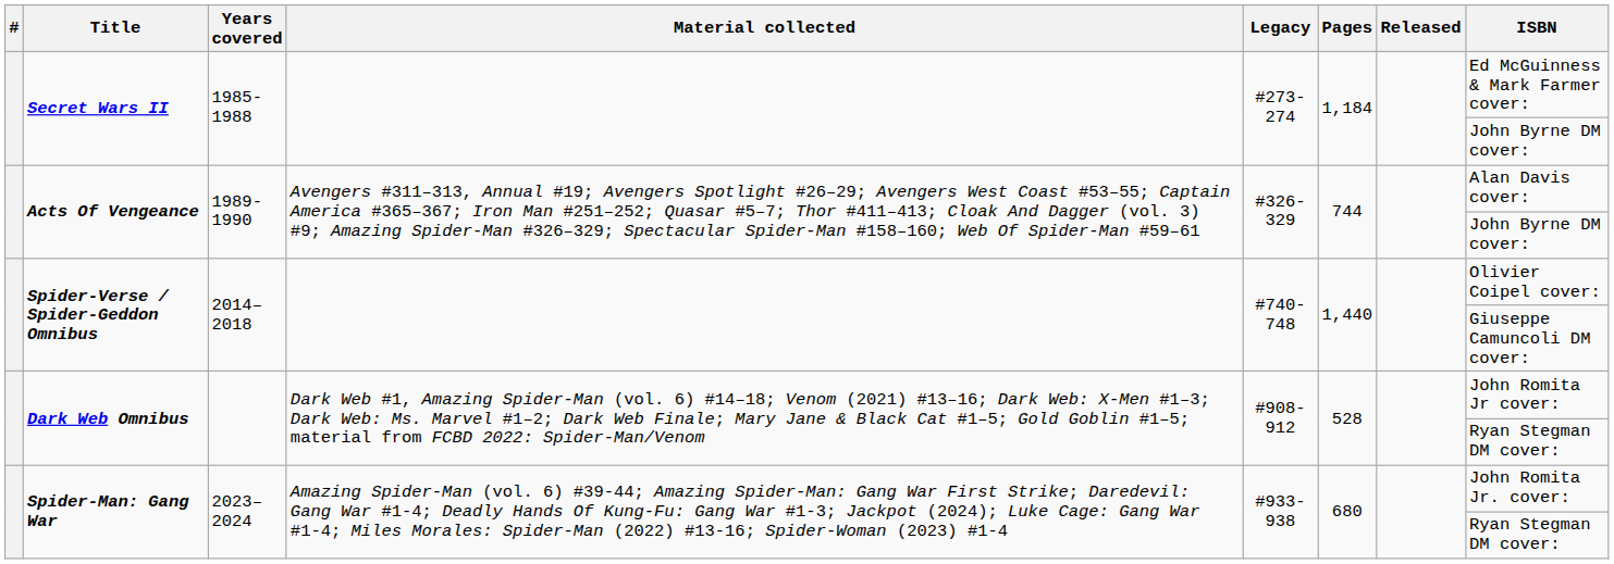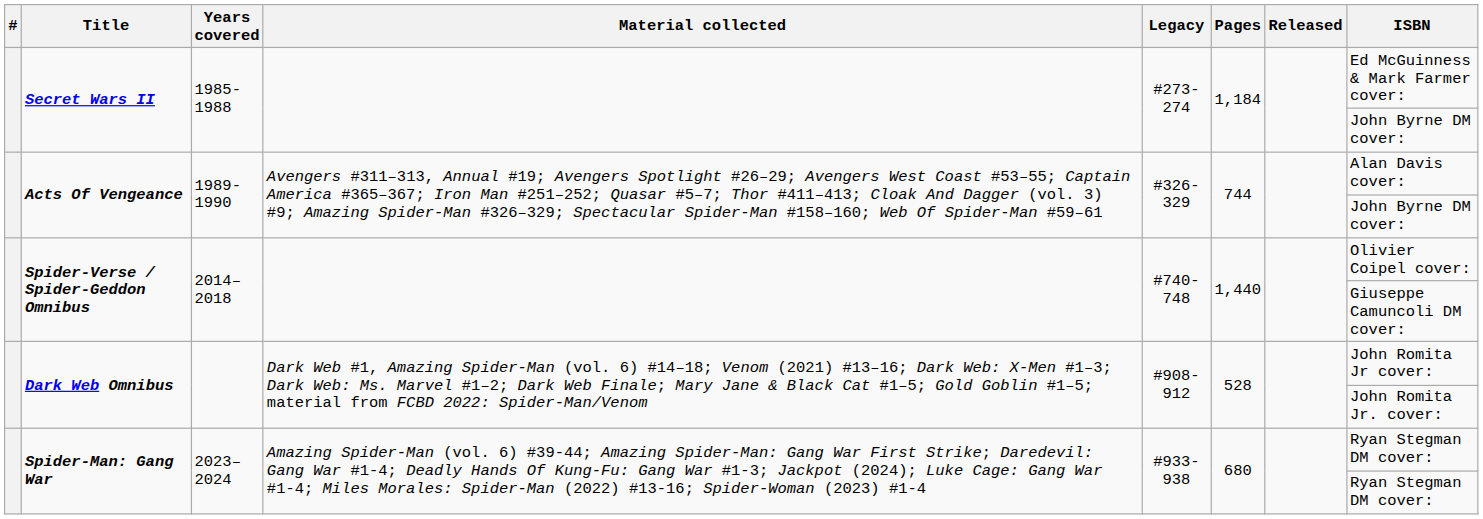 <table class="wikitable sortable" width=98%>
 <tr>
 <th width="4px">#</th>
 <th>Title</th>
 <th style="width: 4em;">Years covered</th>
 <th>Material collected</th>
 <th>Legacy</th>
 <th>Pages</th>
 <th>Released</th>
 <th class="unsortable" style="width: 8em;">ISBN</th>
 </tr>
 <tr>
 <th style="background-color: light grey;" rowspan=2></th>
 <td rowspan="2"><strong><em><a href='#'>Secret Wars II</a></em></strong></td>
 <td rowspan="2">1985-1988</td>
 <td rowspan="2"></td>
 <td rowspan=2 style="text-align: center;">#273-274</td>
 <td style="text-align: center;" rowspan="2">1,184</td>
 <td rowspan="2"></td>
 <td>Ed McGuinness & Mark Farmer cover: </td>
 </tr>
 <tr>
 <td>John Byrne DM cover: </td>
 </tr>
 <tr>
 <th rowspan="2" style="background-color: light grey;"></th>
 <td rowspan="2"><strong><em>Acts Of Vengeance</em></strong></td>
 <td rowspan="2">1989-1990</td>
 <td rowspan="2"><em>Avengers</em> #311–313, <em>Annual</em> #19; <em>Avengers Spotlight</em> #26–29; <em>Avengers West Coast</em> #53–55; <em>Captain America</em> #365–367; <em>Iron Man</em> #251–252; <em>Quasar</em> #5–7; <em>Thor</em> #411–413; <em>Cloak And Dagger</em> (vol. 3) #9; <em>Amazing Spider-Man</em> #326–329; <em>Spectacular Spider-Man</em> #158–160; <em>Web Of Spider-Man</em> #59–61</td>
 <td rowspan="2" style="text-align: center;">#326-329</td>
 <td rowspan="2" style="text-align: center;">744</td>
 <td rowspan="2"></td>
 <td>Alan Davis cover: </td>
 </tr>
 <tr>
 <td>John Byrne DM cover: </td>
 </tr>
 <tr>
 <th style="background-color: light grey;" rowspan="2"></th>
 <td rowspan="2"><strong><em>Spider-Verse / Spider-Geddon Omnibus</em></strong></td>
 <td rowspan="2">2014–2018</td>
 <td rowspan="2"></td>
 <td rowspan="2" style="text-align: center;">#740-748</td>
 <td rowspan="2" style="text-align: center;">1,440</td>
 <td rowspan="2"></td>
 <td>Olivier Coipel cover: </td>
 </tr>
 <tr>
 <td>Giuseppe Camuncoli DM cover: </td>
 </tr>
 <tr>
 <th style="background-color: light grey;" rowspan=2></th>
 <td rowspan="2"><strong><em><a href='#'>Dark Web</a> Omnibus</em></strong></td>
 <td rowspan="2"></td>
 <td rowspan="2"><em>Dark Web</em> #1, <em>Amazing Spider-Man</em> (vol. 6) #14–18; <em>Venom</em> (2021) #13–16; <em>Dark Web: X-Men</em> #1–3; <em>Dark Web: Ms. Marvel</em> #1–2; <em>Dark Web Finale</em>; <em>Mary Jane & Black Cat</em> #1–5; <em>Gold Goblin</em> #1–5; material from <em>FCBD 2022: Spider-Man/Venom</em></td>
 <td rowspan="2" style="text-align: center;">#908-912</td>
 <td rowspan="2" style="text-align: center;">528</td>
 <td rowspan="2"></td>
 <td>John Romita Jr cover: </td>
 </tr>
 <tr>
-<td>Ryan Stegman DM cover: </td>
+<td>John Romita Jr. cover: </td>
 </tr>
 <tr>
 <th rowspan="2" style="background-color: light grey;"></th>
 <td rowspan="2"><strong><em>Spider-Man: Gang War</em></strong></td>
 <td rowspan="2">2023–2024</td>
 <td rowspan="2"><em>Amazing Spider-Man</em> (vol. 6) #39-44; <em>Amazing Spider-Man: Gang War First Strike</em>; <em>Daredevil: Gang War</em> #1-4; <em>Deadly Hands Of Kung-Fu: Gang War</em> #1-3; <em>Jackpot</em> (2024); <em>Luke Cage: Gang War</em> #1-4; <em>Miles Morales: Spider-Man</em> (2022) #13-16; <em>Spider-Woman</em> (2023) #1-4</td>
 <td rowspan="2" style="text-align: center;">#933-938</td>
 <td rowspan="2" style="text-align: center;">680</td>
 <td rowspan="2"></td>
-<td>John Romita Jr. cover: </td>
+<td>Ryan Stegman DM cover: </td>
 </tr>
 <tr>
 <td>Ryan Stegman DM cover: </td>
 </tr>
 </table>
